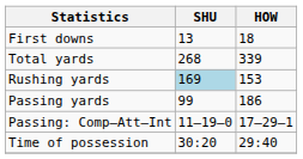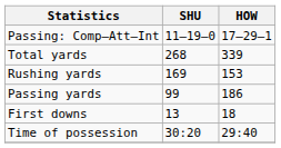 <table class="wikitable" style="float: left;">
 <tr>
 <th>Statistics</th>
 <th>SHU</th>
 <th>HOW</th>
 </tr>
 <tr>
-<td>First downs</td>
-<td>13</td>
-<td>18</td>
+<td>Passing: Comp–Att–Int</td>
+<td>11–19–0</td>
+<td>17–29–1</td>
 </tr>
 <tr>
 <td>Total yards</td>
 <td>268</td>
 <td>339</td>
 </tr>
 <tr>
 <td>Rushing yards</td>
-<td style="background: lightblue;">169</td>
+<td>169</td>
 <td>153</td>
 </tr>
 <tr>
 <td>Passing yards</td>
 <td>99</td>
 <td>186</td>
 </tr>
 <tr>
-<td>Passing: Comp–Att–Int</td>
-<td>11–19–0</td>
-<td>17–29–1</td>
+<td>First downs</td>
+<td>13</td>
+<td>18</td>
 </tr>
 <tr>
 <td>Time of possession</td>
 <td>30:20</td>
 <td>29:40</td>
 </tr>
 <tr>
 </tr>
 </table>
